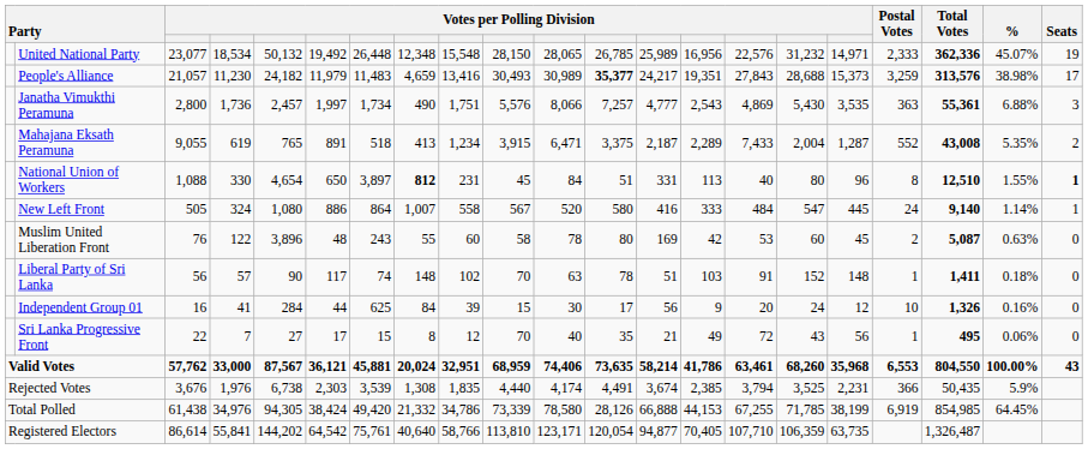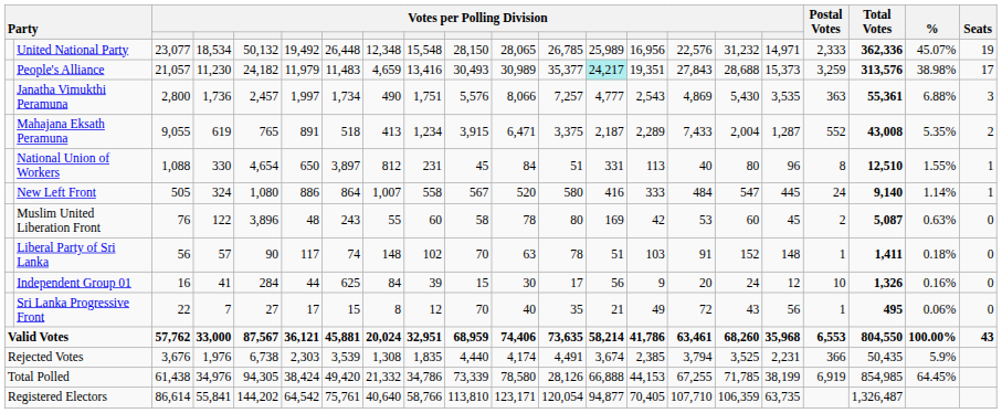 <table class="wikitable" style="text-align:right;">
 <tr>
 <th style="text-align:left; vertical-align:bottom;" rowspan="2" colspan="2">Party</th>
 <th colspan=15>Votes per Polling Division</th>
 <th rowspan="2" style="vertical-align:bottom; text-align:center; width:50px;">Postal<br>Votes</th>
 <th rowspan="2" style="vertical-align:bottom; text-align:center; width:50px;">Total Votes</th>
 <th rowspan="2" style="vertical-align:bottom; text-align:center; width:50px;">%</th>
 <th rowspan="2" style="vertical-align:bottom; text-align:center; width:40px;">Seats</th>
 </tr>
 <tr>
 <th></th>
 <th></th>
 <th></th>
 <th></th>
 <th></th>
 <th></th>
 <th></th>
 <th></th>
 <th></th>
 <th></th>
 <th></th>
 <th></th>
 <th></th>
 <th></th>
 <th></th>
 </tr>
 <tr>
 <td bgcolor=> </td>
 <td align=left><a href='#'>United National Party</a></td>
 <td>23,077</td>
 <td>18,534</td>
 <td>50,132</td>
 <td>19,492</td>
 <td>26,448</td>
 <td>12,348</td>
 <td>15,548</td>
 <td>28,150</td>
 <td>28,065</td>
 <td>26,785</td>
 <td>25,989</td>
 <td>16,956</td>
 <td>22,576</td>
 <td>31,232</td>
 <td>14,971</td>
 <td>2,333</td>
 <td><strong>362,336</strong></td>
 <td>45.07%</td>
 <td>19</td>
 </tr>
 <tr>
 <td bgcolor=> </td>
 <td align=left><a href='#'>People's Alliance</a></td>
 <td>21,057</td>
 <td>11,230</td>
 <td>24,182</td>
 <td>11,979</td>
 <td>11,483</td>
 <td>4,659</td>
 <td>13,416</td>
 <td>30,493</td>
 <td>30,989</td>
-<td><strong>35,377</strong></td>
-<td>24,217</td>
+<td>35,377</td>
+<td style="background: paleturquoise;">24,217</td>
 <td>19,351</td>
 <td>27,843</td>
 <td>28,688</td>
 <td>15,373</td>
 <td>3,259</td>
 <td><strong>313,576</strong></td>
 <td>38.98%</td>
 <td>17</td>
 </tr>
 <tr>
 <td bgcolor=> </td>
 <td align=left><a href='#'>Janatha Vimukthi Peramuna</a></td>
 <td>2,800</td>
 <td>1,736</td>
 <td>2,457</td>
 <td>1,997</td>
 <td>1,734</td>
 <td>490</td>
 <td>1,751</td>
 <td>5,576</td>
 <td>8,066</td>
 <td>7,257</td>
 <td>4,777</td>
 <td>2,543</td>
 <td>4,869</td>
 <td>5,430</td>
 <td>3,535</td>
 <td>363</td>
 <td><strong>55,361</strong></td>
 <td>6.88%</td>
 <td>3</td>
 </tr>
 <tr>
 <td bgcolor=> </td>
 <td align=left><a href='#'>Mahajana Eksath Peramuna</a></td>
 <td>9,055</td>
 <td>619</td>
 <td>765</td>
 <td>891</td>
 <td>518</td>
 <td>413</td>
 <td>1,234</td>
 <td>3,915</td>
 <td>6,471</td>
 <td>3,375</td>
 <td>2,187</td>
 <td>2,289</td>
 <td>7,433</td>
 <td>2,004</td>
 <td>1,287</td>
 <td>552</td>
 <td><strong>43,008</strong></td>
 <td>5.35%</td>
 <td>2</td>
 </tr>
 <tr>
 <td bgcolor=> </td>
 <td align=left><a href='#'>National Union of Workers</a></td>
 <td>1,088</td>
 <td>330</td>
 <td>4,654</td>
 <td>650</td>
 <td>3,897</td>
-<td><strong>812</strong></td>
+<td>812</td>
 <td>231</td>
 <td>45</td>
 <td>84</td>
 <td>51</td>
 <td>331</td>
 <td>113</td>
 <td>40</td>
 <td>80</td>
 <td>96</td>
 <td>8</td>
 <td><strong>12,510</strong></td>
 <td>1.55%</td>
-<td><strong>1</strong></td>
+<td>1</td>
 </tr>
 <tr>
 <td bgcolor=> </td>
 <td align=left><a href='#'>New Left Front</a></td>
 <td>505</td>
 <td>324</td>
 <td>1,080</td>
 <td>886</td>
 <td>864</td>
 <td>1,007</td>
 <td>558</td>
 <td>567</td>
 <td>520</td>
 <td>580</td>
 <td>416</td>
 <td>333</td>
 <td>484</td>
 <td>547</td>
 <td>445</td>
 <td>24</td>
 <td><strong>9,140</strong></td>
 <td>1.14%</td>
 <td>1</td>
 </tr>
 <tr>
 <td bgcolor=> </td>
 <td align=left>Muslim United Liberation Front</td>
 <td>76</td>
 <td>122</td>
 <td>3,896</td>
 <td>48</td>
 <td>243</td>
 <td>55</td>
 <td>60</td>
 <td>58</td>
 <td>78</td>
 <td>80</td>
 <td>169</td>
 <td>42</td>
 <td>53</td>
 <td>60</td>
 <td>45</td>
 <td>2</td>
 <td><strong>5,087</strong></td>
 <td>0.63%</td>
 <td>0</td>
 </tr>
 <tr>
 <td bgcolor=> </td>
 <td align=left><a href='#'>Liberal Party of Sri Lanka</a></td>
 <td>56</td>
 <td>57</td>
 <td>90</td>
 <td>117</td>
 <td>74</td>
 <td>148</td>
 <td>102</td>
 <td>70</td>
 <td>63</td>
 <td>78</td>
 <td>51</td>
 <td>103</td>
 <td>91</td>
 <td>152</td>
 <td>148</td>
 <td>1</td>
 <td><strong>1,411</strong></td>
 <td>0.18%</td>
 <td>0</td>
 </tr>
 <tr>
 <td bgcolor=> </td>
 <td align=left><a href='#'>Independent Group 01</a></td>
 <td>16</td>
 <td>41</td>
 <td>284</td>
 <td>44</td>
 <td>625</td>
 <td>84</td>
 <td>39</td>
 <td>15</td>
 <td>30</td>
 <td>17</td>
 <td>56</td>
 <td>9</td>
 <td>20</td>
 <td>24</td>
 <td>12</td>
 <td>10</td>
 <td><strong>1,326</strong></td>
 <td>0.16%</td>
 <td>0</td>
 </tr>
 <tr>
 <td bgcolor=> </td>
 <td align=left><a href='#'>Sri Lanka Progressive Front</a></td>
 <td>22</td>
 <td>7</td>
 <td>27</td>
 <td>17</td>
 <td>15</td>
 <td>8</td>
 <td>12</td>
 <td>70</td>
 <td>40</td>
 <td>35</td>
 <td>21</td>
 <td>49</td>
 <td>72</td>
 <td>43</td>
 <td>56</td>
 <td>1</td>
 <td><strong>495</strong></td>
 <td>0.06%</td>
 <td>0</td>
 </tr>
 <tr style="font-weight:bold">
 <td style="text-align:left;" colspan="2">Valid Votes</td>
 <td>57,762</td>
 <td>33,000</td>
 <td>87,567</td>
 <td>36,121</td>
 <td>45,881</td>
 <td>20,024</td>
 <td>32,951</td>
 <td>68,959</td>
 <td>74,406</td>
 <td>73,635</td>
 <td>58,214</td>
 <td>41,786</td>
 <td>63,461</td>
 <td>68,260</td>
 <td>35,968</td>
 <td>6,553</td>
 <td>804,550</td>
 <td>100.00%</td>
 <td>43</td>
 </tr>
 <tr>
 <td style="text-align:left;" colspan="2">Rejected Votes</td>
 <td>3,676</td>
 <td>1,976</td>
 <td>6,738</td>
 <td>2,303</td>
 <td>3,539</td>
 <td>1,308</td>
 <td>1,835</td>
 <td>4,440</td>
 <td>4,174</td>
 <td>4,491</td>
 <td>3,674</td>
 <td>2,385</td>
 <td>3,794</td>
 <td>3,525</td>
 <td>2,231</td>
 <td>366</td>
 <td>50,435</td>
 <td>5.9%</td>
 <td></td>
 </tr>
 <tr>
 <td style="text-align:left;" colspan="2">Total Polled</td>
 <td>61,438</td>
 <td>34,976</td>
 <td>94,305</td>
 <td>38,424</td>
 <td>49,420</td>
 <td>21,332</td>
 <td>34,786</td>
 <td>73,339</td>
 <td>78,580</td>
 <td>28,126</td>
 <td>66,888</td>
 <td>44,153</td>
 <td>67,255</td>
 <td>71,785</td>
 <td>38,199</td>
 <td>6,919</td>
 <td>854,985</td>
 <td>64.45%</td>
 <td></td>
 </tr>
 <tr>
 <td style="text-align:left;" colspan="2">Registered Electors</td>
 <td>86,614</td>
 <td>55,841</td>
 <td>144,202</td>
 <td>64,542</td>
 <td>75,761</td>
 <td>40,640</td>
 <td>58,766</td>
 <td>113,810</td>
 <td>123,171</td>
 <td>120,054</td>
 <td>94,877</td>
 <td>70,405</td>
 <td>107,710</td>
 <td>106,359</td>
 <td>63,735</td>
 <td></td>
 <td>1,326,487</td>
 <td></td>
 <td></td>
 </tr>
 </table>
